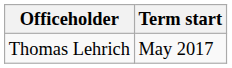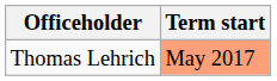 <table class="wikitable sortable">
 <tr style="vertical-align:bottom;">
 <th>Officeholder</th>
 <th>Term start</th>
 </tr>
 <tr>
 <td>Thomas Lehrich</td>
-<td>May 2017</td>
+<td style="background: lightsalmon;">May 2017</td>
 </tr>
 </table>
